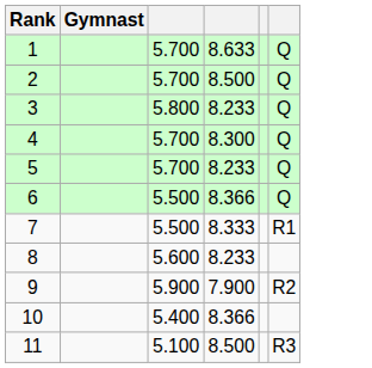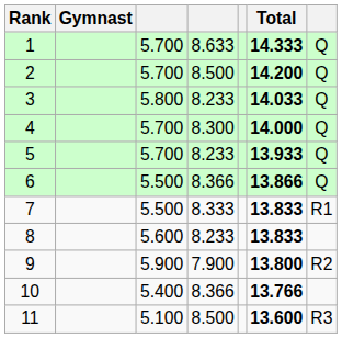 <table class="wikitable sortable" style="text-align:center">
 <tr>
 <th>Rank</th>
 <th>Gymnast</th>
 <th><small></small></th>
 <th><small></small></th>
 <th><small></small></th>
+<th>Total</th>
 <th><small></small></th>
 </tr>
 <tr bgcolor=ccffcc>
 <td>1</td>
 <td align=left></td>
 <td>5.700</td>
 <td>8.633</td>
 <td></td>
+<td><strong>14.333</strong></td>
 <td>Q</td>
 </tr>
 <tr bgcolor=ccffcc>
 <td>2</td>
 <td align=left></td>
 <td>5.700</td>
 <td>8.500</td>
 <td></td>
+<td><strong>14.200</strong></td>
 <td>Q</td>
 </tr>
 <tr bgcolor=ccffcc>
 <td>3</td>
 <td align=left></td>
 <td>5.800</td>
 <td>8.233</td>
 <td></td>
+<td><strong>14.033</strong></td>
 <td>Q</td>
 </tr>
 <tr bgcolor=ccffcc>
 <td>4</td>
 <td align=left></td>
 <td>5.700</td>
 <td>8.300</td>
 <td></td>
+<td><strong>14.000</strong></td>
 <td>Q</td>
 </tr>
 <tr bgcolor=ccffcc>
 <td>5</td>
 <td align="left"></td>
 <td>5.700</td>
 <td>8.233</td>
 <td></td>
+<td><strong>13.933</strong></td>
 <td>Q</td>
 </tr>
 <tr bgcolor=ccffcc>
 <td>6</td>
 <td align=left></td>
 <td>5.500</td>
 <td>8.366</td>
 <td></td>
+<td><strong>13.866</strong></td>
 <td>Q</td>
 </tr>
 <tr>
 <td>7</td>
 <td align=left></td>
 <td>5.500</td>
 <td>8.333</td>
 <td></td>
+<td><strong>13.833</strong></td>
 <td>R1</td>
 </tr>
 <tr>
 <td>8</td>
 <td align=left></td>
 <td>5.600</td>
 <td>8.233</td>
 <td></td>
+<td><strong>13.833</strong></td>
 <td></td>
 </tr>
 <tr>
 <td>9</td>
 <td align=left></td>
 <td>5.900</td>
 <td>7.900</td>
 <td></td>
+<td><strong>13.800</strong></td>
 <td>R2</td>
 </tr>
 <tr>
 <td>10</td>
 <td align=left></td>
 <td>5.400</td>
 <td>8.366</td>
 <td></td>
+<td><strong>13.766</strong></td>
 <td></td>
 </tr>
 <tr>
 <td>11</td>
 <td align=left></td>
 <td>5.100</td>
 <td>8.500</td>
 <td></td>
+<td><strong>13.600</strong></td>
 <td>R3</td>
 </tr>
 </table>
